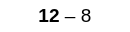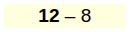 <table style="text-align:center">
 <tr>
 <th width=200></th>
 <th width=100></th>
 <th width=200></th>
 </tr>
 <tr>
 <td align=right><strong></strong></td>
-<td><strong>12</strong> – 8</td>
+<td style="background: lightyellow;"><strong>12</strong> – 8</td>
 <td align=left></td>
 </tr>
 </table>
